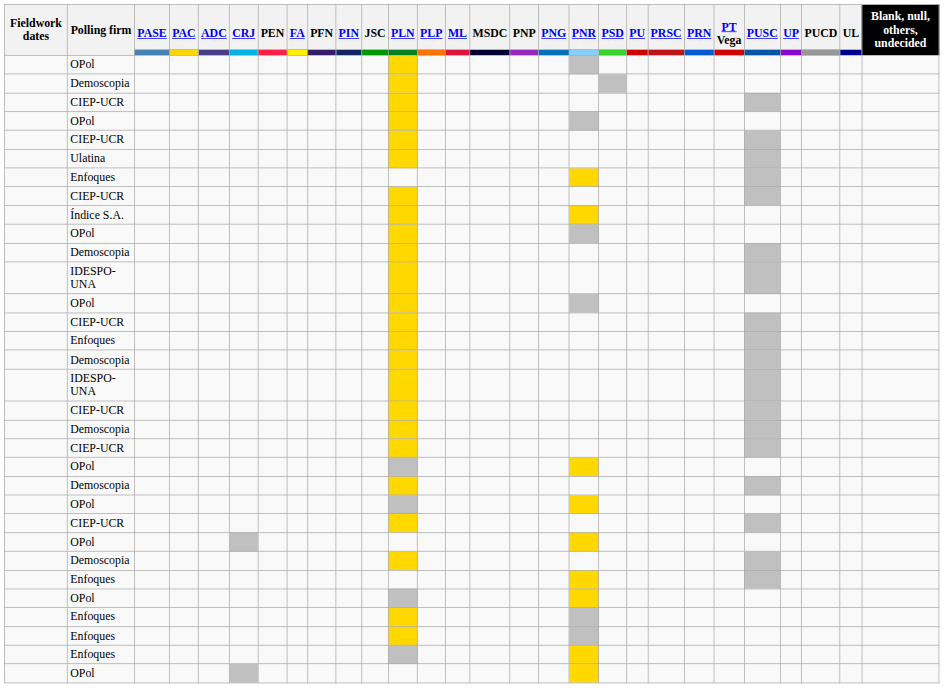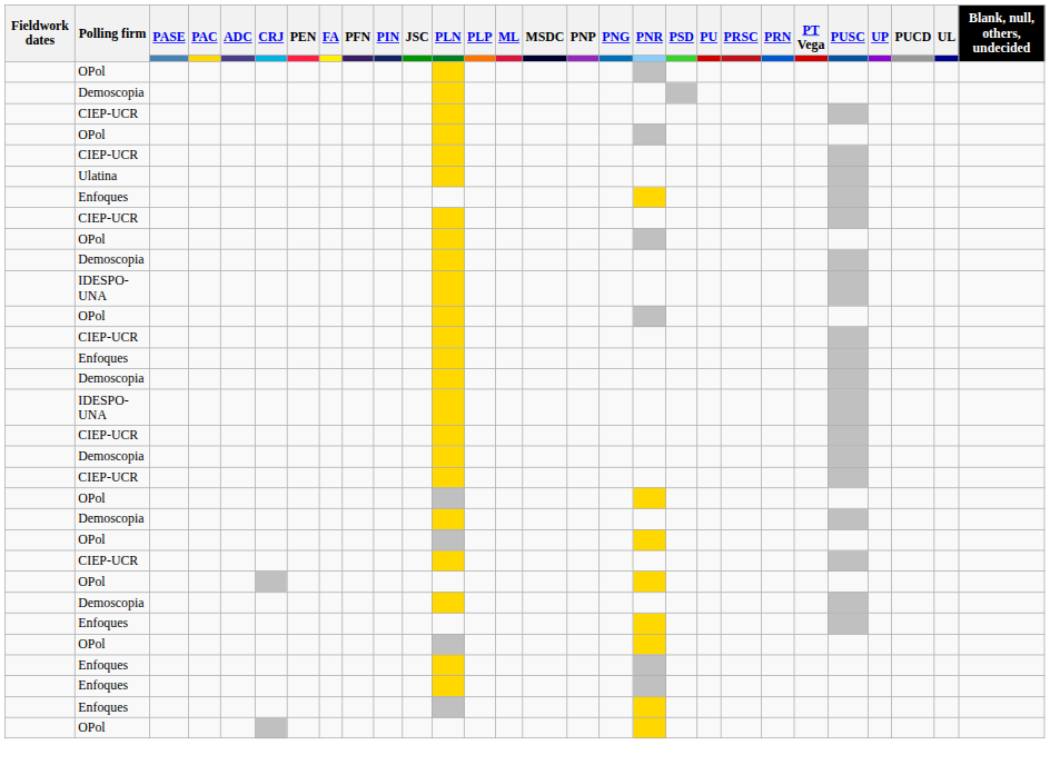 <table class="wikitable" style="width:100%">
 <tr>
 <th rowspan=2>Fieldwork dates</th>
 <th rowspan=2>Polling firm</th>
 <th><br><a href='#'>PASE</a><br></th>
 <th><br><a href='#'>PAC</a><br></th>
 <th><br><a href='#'>ADC</a><br></th>
 <th><br><a href='#'>CRJ</a><br></th>
 <th><br>PEN<br></th>
 <th><br><a href='#'>FA</a><br></th>
 <th><br>PFN<br></th>
 <th><br><a href='#'>PIN</a><br></th>
 <th><br>JSC<br></th>
 <th><br><a href='#'>PLN</a><br></th>
 <th><br><a href='#'>PLP</a><br></th>
 <th><br><a href='#'>ML</a><br></th>
 <th><br>MSDC<br></th>
 <th><br>PNP<br></th>
 <th><br><a href='#'>PNG</a><br></th>
 <th><br><a href='#'>PNR</a><br></th>
 <th><br><a href='#'>PSD</a><br></th>
 <th><br><a href='#'>PU</a><br></th>
 <th><br><a href='#'>PRSC</a><br></th>
 <th><br><a href='#'>PRN</a><br></th>
 <th><br><a href='#'>PT</a><br><span>Vega</span></th>
 <th><br><a href='#'>PUSC</a><br></th>
 <th><br><a href='#'>UP</a><br></th>
 <th><br>PUCD<br></th>
 <th><br>UL<br></th>
 <th rowspan=2 style="background-color:#000000;color:#ffffff">Blank, null, others, undecided</th>
 </tr>
 <tr>
 <th style="background-color:#4682B4"></th>
 <th style="background-color:#FFD700"></th>
 <th style="background-color:#483D8B"></th>
 <th style="background-color:#02b2e3"></th>
 <th style="background-color:#ff1e44"></th>
 <th style="background-color:#FFEF00"></th>
 <th style="background-color:#361f67"></th>
 <th style="background-color:#122562"></th>
 <th style="background-color:#009600"></th>
 <th style="background-color:#008024"></th>
 <th style="background-color:#FF7300"></th>
 <th style="background-color:#DC143C"></th>
 <th style="background-color:#000030"></th>
 <th style="background-color:#9428bc"></th>
 <th style="background-color:#0070B8"></th>
 <th style="background-color:#87CEFA"></th>
 <th style="background-color:#36d42c"></th>
 <th style="background-color:#ce0000"></th>
 <th style="background-color:#BC141A"></th>
 <th style="background-color:#0059CF"></th>
 <th style="background-color:#ce0000"></th>
 <th style="background-color:#0454A3"></th>
 <th style="background-color:#8806CE"></th>
 <th style="background-color:#97989a"></th>
 <th style="background-color:#00008B"></th>
 </tr>
 <tr>
 <td></td>
 <td>OPol</td>
 <td style="text-align:right"></td>
 <td style="text-align:right"></td>
 <td style="text-align:right"></td>
 <td style="text-align:right"></td>
 <td style="text-align:right"></td>
 <td style="text-align:right"></td>
 <td style="text-align:right"></td>
 <td style="text-align:right"></td>
 <td style="text-align:right"></td>
 <td style="background-color:#ffd800;text-align:right"><strong></strong></td>
 <td style="text-align:right"></td>
 <td style="text-align:right"></td>
 <td style="text-align:right"></td>
 <td style="text-align:right"></td>
 <td style="text-align:right"></td>
 <td style="background-color:#c0c0c0;text-align:right"></td>
 <td style="text-align:right"></td>
 <td style="text-align:right"></td>
 <td style="text-align:right"></td>
 <td style="text-align:right"></td>
 <td style="text-align:right"></td>
 <td style="text-align:right"></td>
 <td style="text-align:right"></td>
 <td style="text-align:right"></td>
 <td style="text-align:right"></td>
 <td style="text-align:right"></td>
 </tr>
 <tr>
 <td></td>
 <td>Demoscopia</td>
 <td></td>
 <td style="text-align:right"></td>
 <td></td>
 <td style="text-align:right"></td>
 <td></td>
 <td style="text-align:right"></td>
 <td></td>
 <td></td>
 <td></td>
 <td style="background-color:#ffd800;text-align:right"><strong></strong></td>
 <td style="text-align:right"></td>
 <td></td>
 <td></td>
 <td></td>
 <td></td>
 <td style="text-align:right"></td>
 <td style="background-color:#c0c0c0;text-align:right"></td>
 <td></td>
 <td></td>
 <td></td>
 <td></td>
 <td style="text-align:right"></td>
 <td></td>
 <td></td>
 <td></td>
 <td style="text-align:right"></td>
 </tr>
 <tr>
 <td></td>
 <td>CIEP-UCR</td>
 <td style="text-align:right"></td>
 <td style="text-align:right"></td>
 <td style="text-align:right"></td>
 <td style="text-align:right"></td>
 <td style="text-align:right"></td>
 <td style="text-align:right"></td>
 <td style="text-align:right"></td>
 <td></td>
 <td style="text-align:right"></td>
 <td style="background-color:#ffd800;text-align:right"><strong></strong></td>
 <td style="text-align:right"></td>
 <td style="text-align:right"></td>
 <td></td>
 <td style="text-align:right"></td>
 <td style="text-align:right"></td>
 <td style="text-align:right"></td>
 <td style="text-align:right"></td>
 <td></td>
 <td style="text-align:right"></td>
 <td style="text-align:right"></td>
 <td style="text-align:right"></td>
 <td style="background-color:#c0c0c0;text-align:right"></td>
 <td style="text-align:right"></td>
 <td style="text-align:right"></td>
 <td style="text-align:right"></td>
 <td style="text-align:right"></td>
 </tr>
 <tr>
 <td></td>
 <td>OPol</td>
 <td style="text-align:right"></td>
 <td style="text-align:right"></td>
 <td style="text-align:right"></td>
 <td style="text-align:right"></td>
 <td style="text-align:right"></td>
 <td style="text-align:right"></td>
 <td style="text-align:right"></td>
 <td style="text-align:right"></td>
 <td style="text-align:right"></td>
 <td style="background-color:#ffd800;text-align:right"><strong></strong></td>
 <td style="text-align:right"></td>
 <td style="text-align:right"></td>
 <td style="text-align:right"></td>
 <td style="text-align:right"></td>
 <td style="text-align:right"></td>
 <td style="background-color:#c0c0c0;text-align:right"></td>
 <td style="text-align:right"></td>
 <td style="text-align:right"></td>
 <td style="text-align:right"></td>
 <td style="text-align:right"></td>
 <td style="text-align:right"></td>
 <td style="text-align:right"></td>
 <td style="text-align:right"></td>
 <td style="text-align:right"></td>
 <td style="text-align:right"></td>
 <td style="text-align:right"></td>
 </tr>
 <tr>
 <td></td>
 <td>CIEP-UCR</td>
 <td style="text-align:right"></td>
 <td style="text-align:right"></td>
 <td style="text-align:right"></td>
 <td style="text-align:right"></td>
 <td style="text-align:right"></td>
 <td style="text-align:right"></td>
 <td style="text-align:right"></td>
 <td></td>
 <td style="text-align:right"></td>
 <td style="background-color:#ffd800;text-align:right"><strong></strong></td>
 <td style="text-align:right"></td>
 <td style="text-align:right"></td>
 <td></td>
 <td style="text-align:right"></td>
 <td style="text-align:right"></td>
 <td style="text-align:right"></td>
 <td style="text-align:right"></td>
 <td></td>
 <td style="text-align:right"></td>
 <td style="text-align:right"></td>
 <td style="text-align:right"></td>
 <td style="background-color:#c0c0c0;text-align:right"></td>
 <td style="text-align:right"></td>
 <td style="text-align:right"></td>
 <td style="text-align:right"></td>
 <td style="text-align:right"></td>
 </tr>
 <tr>
 <td></td>
 <td>Ulatina</td>
 <td></td>
 <td></td>
 <td></td>
 <td></td>
 <td></td>
 <td style="text-align:right"></td>
 <td></td>
 <td></td>
 <td></td>
 <td style="background-color:#ffd800;text-align:right"><strong></strong></td>
 <td style="text-align:right"></td>
 <td></td>
 <td></td>
 <td></td>
 <td></td>
 <td style="text-align:right"></td>
 <td style="text-align:right"></td>
 <td></td>
 <td></td>
 <td></td>
 <td></td>
 <td style="background-color:#c0c0c0;text-align:right"></td>
 <td></td>
 <td></td>
 <td></td>
 <td></td>
 </tr>
 <tr>
 <td></td>
 <td>Enfoques</td>
 <td></td>
 <td style="text-align:right"></td>
 <td></td>
 <td style="text-align:right"></td>
 <td></td>
 <td style="text-align:right"></td>
 <td style="text-align:right"></td>
 <td></td>
 <td></td>
 <td style="text-align:right"></td>
 <td style="text-align:right"></td>
 <td></td>
 <td></td>
 <td style="text-align:right"></td>
 <td></td>
 <td style="background-color:#ffd800;text-align:right"><strong></strong></td>
 <td style="text-align:right"></td>
 <td></td>
 <td style="text-align:right"></td>
 <td style="text-align:right"></td>
 <td></td>
 <td style="background-color:#c0c0c0;text-align:right"></td>
 <td style="text-align:right"></td>
 <td></td>
 <td></td>
 <td style="text-align:right"></td>
 </tr>
 <tr>
 <td></td>
 <td>CIEP-UCR</td>
 <td style="text-align:right"></td>
 <td style="text-align:right"></td>
 <td style="text-align:right"></td>
 <td style="text-align:right"></td>
 <td style="text-align:right"></td>
 <td style="text-align:right"></td>
 <td style="text-align:right"></td>
 <td></td>
 <td style="text-align:right"></td>
 <td style="background-color:#ffd800;text-align:right"><strong></strong></td>
 <td style="text-align:right"></td>
 <td style="text-align:right"></td>
 <td></td>
 <td style="text-align:right"></td>
 <td style="text-align:right"></td>
 <td style="text-align:right"></td>
 <td style="text-align:right"></td>
 <td></td>
 <td style="text-align:right"></td>
 <td style="text-align:right"></td>
 <td></td>
 <td style="background-color:#c0c0c0;text-align:right"></td>
 <td style="text-align:right"></td>
 <td style="text-align:right"></td>
 <td style="text-align:right"></td>
-<td style="text-align:right"></td>
-</tr>
-<tr>
-<td></td>
-<td>Índice S.A.</td>
-<td></td>
-<td></td>
-<td></td>
-<td style="text-align:right"></td>
-<td></td>
-<td style="text-align:right"></td>
-<td></td>
-<td></td>
-<td></td>
-<td style="background-color:#ffd800;text-align:right"><strong></strong></td>
-<td></td>
-<td></td>
-<td></td>
-<td></td>
-<td></td>
-<td style="background-color:#ffd800;text-align:right"><strong></strong></td>
-<td style="text-align:right"></td>
-<td></td>
-<td></td>
-<td></td>
-<td></td>
-<td style="text-align:right"></td>
-<td></td>
-<td></td>
-<td></td>
 <td style="text-align:right"></td>
 </tr>
 <tr>
 <td></td>
 <td>OPol</td>
 <td style="text-align:right"></td>
 <td style="text-align:right"></td>
 <td style="text-align:right"></td>
 <td style="text-align:right"></td>
 <td style="text-align:right"></td>
 <td style="text-align:right"></td>
 <td style="text-align:right"></td>
 <td style="text-align:right"></td>
 <td style="text-align:right"></td>
 <td style="background-color:#ffd800;text-align:right"><strong></strong></td>
 <td style="text-align:right"></td>
 <td style="text-align:right"></td>
 <td style="text-align:right"></td>
 <td style="text-align:right"></td>
 <td style="text-align:right"></td>
 <td style="background-color:#c0c0c0;text-align:right"></td>
 <td style="text-align:right"></td>
 <td style="text-align:right"></td>
 <td style="text-align:right"></td>
 <td style="text-align:right"></td>
 <td style="text-align:right"></td>
 <td style="text-align:right"></td>
 <td style="text-align:right"></td>
 <td style="text-align:right"></td>
 <td style="text-align:right"></td>
 <td style="text-align:right"></td>
 </tr>
 <tr>
 <td></td>
 <td>Demoscopia</td>
 <td></td>
 <td style="text-align:right"></td>
 <td></td>
 <td style="text-align:right"></td>
 <td></td>
 <td style="text-align:right"></td>
 <td style="text-align:right"></td>
 <td></td>
 <td></td>
 <td style="background-color:#ffd800;text-align:right"><strong></strong></td>
 <td style="text-align:right"></td>
 <td></td>
 <td></td>
 <td></td>
 <td></td>
 <td style="text-align:right"></td>
 <td style="text-align:right"></td>
 <td></td>
 <td></td>
 <td></td>
 <td></td>
 <td style="background-color:#c0c0c0;text-align:right"></td>
 <td></td>
 <td></td>
 <td></td>
 <td style="text-align:right"></td>
 </tr>
 <tr>
 <td></td>
 <td>IDESPO-UNA</td>
 <td></td>
 <td style="text-align:right"></td>
 <td style="text-align:right"></td>
 <td style="text-align:right"></td>
 <td></td>
 <td style="text-align:right"></td>
 <td style="text-align:right"></td>
 <td></td>
 <td style="text-align:right"></td>
 <td style="background-color:#ffd800;text-align:right"><strong></strong></td>
 <td style="text-align:right"></td>
 <td></td>
 <td></td>
 <td style="text-align:right"></td>
 <td style="text-align:right"></td>
 <td style="text-align:right"></td>
 <td style="text-align:right"></td>
 <td style="text-align:right"></td>
 <td style="text-align:right"></td>
 <td style="text-align:right"></td>
 <td></td>
 <td style="background-color:#c0c0c0;text-align:right"></td>
 <td></td>
 <td></td>
 <td style="text-align:right"></td>
 <td style="text-align:right"></td>
 </tr>
 <tr>
 <td></td>
 <td>OPol</td>
 <td style="text-align:right"></td>
 <td style="text-align:right"></td>
 <td style="text-align:right"></td>
 <td style="text-align:right"></td>
 <td style="text-align:right"></td>
 <td style="text-align:right"></td>
 <td style="text-align:right"></td>
 <td style="text-align:right"></td>
 <td style="text-align:right"></td>
 <td style="background-color:#ffd800;text-align:right"><strong></strong></td>
 <td style="text-align:right"></td>
 <td style="text-align:right"></td>
 <td style="text-align:right"></td>
 <td style="text-align:right"></td>
 <td style="text-align:right"></td>
 <td style="background-color:#c0c0c0;text-align:right"></td>
 <td style="text-align:right"></td>
 <td style="text-align:right"></td>
 <td style="text-align:right"></td>
 <td style="text-align:right"></td>
 <td style="text-align:right"></td>
 <td style="text-align:right"></td>
 <td style="text-align:right"></td>
 <td style="text-align:right"></td>
 <td style="text-align:right"></td>
 <td style="text-align:right"></td>
 </tr>
 <tr>
 <td></td>
 <td>CIEP-UCR</td>
 <td style="text-align:right"></td>
 <td style="text-align:right"></td>
 <td></td>
 <td style="text-align:right"></td>
 <td style="text-align:right"></td>
 <td style="text-align:right"></td>
 <td style="text-align:right"></td>
 <td></td>
 <td></td>
 <td style="background-color:#ffd800;text-align:right"><strong></strong></td>
 <td style="text-align:right"></td>
 <td style="text-align:right"></td>
 <td></td>
 <td style="text-align:right"></td>
 <td style="text-align:right"></td>
 <td style="text-align:right"></td>
 <td style="text-align:right"></td>
 <td></td>
 <td style="text-align:right"></td>
 <td style="text-align:right"></td>
 <td></td>
 <td style="background-color:#c0c0c0;text-align:right"></td>
 <td style="text-align:right"></td>
 <td></td>
 <td style="text-align:right"></td>
 <td style="text-align:right"></td>
 </tr>
 <tr>
 <td></td>
 <td>Enfoques</td>
 <td></td>
 <td style="text-align:right"></td>
 <td></td>
 <td style="text-align:right"></td>
 <td></td>
 <td style="text-align:right"></td>
 <td style="text-align:right"></td>
 <td></td>
 <td></td>
 <td style="background-color:#ffd800;text-align:right"><strong></strong></td>
 <td style="text-align:right"></td>
 <td></td>
 <td></td>
 <td></td>
 <td></td>
 <td style="text-align:right"></td>
 <td style="text-align:right"></td>
 <td></td>
 <td></td>
 <td></td>
 <td></td>
 <td style="background-color:#c0c0c0;text-align:right"></td>
 <td></td>
 <td></td>
 <td></td>
 <td style="text-align:right"></td>
 </tr>
 <tr>
 <td></td>
 <td>Demoscopia</td>
 <td></td>
 <td></td>
 <td></td>
 <td></td>
 <td></td>
 <td style="text-align:right"></td>
 <td></td>
 <td></td>
 <td></td>
 <td style="background-color:#ffd800;text-align:right"><strong></strong></td>
 <td></td>
 <td></td>
 <td></td>
 <td></td>
 <td></td>
 <td style="text-align:right"></td>
 <td style="text-align:right"></td>
 <td></td>
 <td></td>
 <td></td>
 <td></td>
 <td style="background-color:#c0c0c0;text-align:right"></td>
 <td></td>
 <td></td>
 <td></td>
 <td style="text-align:right"></td>
 </tr>
 <tr>
 <td></td>
 <td>IDESPO-UNA</td>
 <td style="text-align:right"></td>
 <td style="text-align:right"></td>
 <td style="text-align:right"></td>
 <td style="text-align:right"></td>
 <td></td>
 <td style="text-align:right"></td>
 <td style="text-align:right"></td>
 <td style="text-align:right"></td>
 <td style="text-align:right"></td>
 <td style="background-color:#ffd800;text-align:right"><strong></strong></td>
 <td style="text-align:right"></td>
 <td style="text-align:right"></td>
 <td></td>
 <td style="text-align:right"></td>
 <td style="text-align:right"></td>
 <td style="text-align:right"></td>
 <td style="text-align:right"></td>
 <td style="text-align:right"></td>
 <td></td>
 <td style="text-align:right"></td>
 <td></td>
 <td style="background-color:#c0c0c0;text-align:right"></td>
 <td style="text-align:right"></td>
 <td style="text-align:right"></td>
 <td></td>
 <td style="text-align:right"></td>
 </tr>
 <tr>
 <td></td>
 <td>CIEP-UCR</td>
 <td></td>
 <td style="text-align:right"></td>
 <td></td>
 <td style="text-align:right"></td>
 <td></td>
 <td style="text-align:right"></td>
 <td style="text-align:right"></td>
 <td></td>
 <td style="text-align:right"></td>
 <td style="background-color:#ffd800;text-align:right"><strong></strong></td>
 <td style="text-align:right"></td>
 <td></td>
 <td></td>
 <td style="text-align:right"></td>
 <td></td>
 <td style="text-align:right"></td>
 <td style="text-align:right"></td>
 <td></td>
 <td style="text-align:right"></td>
 <td style="text-align:right"></td>
 <td></td>
 <td style="background-color:#c0c0c0;text-align:right"></td>
 <td style="text-align:right"></td>
 <td style="text-align:right"></td>
 <td style="text-align:right"></td>
 <td style="text-align:right"></td>
 </tr>
 <tr>
 <td></td>
 <td>Demoscopia</td>
 <td></td>
 <td style="text-align:right"></td>
 <td></td>
 <td style="text-align:right"></td>
 <td></td>
 <td style="text-align:right"></td>
 <td></td>
 <td></td>
 <td></td>
 <td style="background-color:#ffd800;text-align:right"><strong></strong></td>
 <td style="text-align:right"></td>
 <td></td>
 <td></td>
 <td></td>
 <td></td>
 <td style="text-align:right"></td>
 <td style="text-align:right"></td>
 <td></td>
 <td></td>
 <td></td>
 <td></td>
 <td style="background-color:#c0c0c0;text-align:right"></td>
 <td></td>
 <td></td>
 <td></td>
 <td style="text-align:right"></td>
 </tr>
 <tr>
 <td></td>
 <td>CIEP-UCR</td>
 <td></td>
 <td style="text-align:right"></td>
 <td style="text-align:right"></td>
 <td style="text-align:right"></td>
 <td></td>
 <td style="text-align:right"></td>
 <td style="text-align:right"></td>
 <td></td>
 <td></td>
 <td style="background-color:#ffd800;text-align:right"><strong></strong></td>
 <td style="text-align:right"></td>
 <td style="text-align:right"></td>
 <td></td>
 <td style="text-align:right"></td>
 <td style="text-align:right"></td>
 <td style="text-align:right"></td>
 <td style="text-align:right"></td>
 <td></td>
 <td style="text-align:right"></td>
 <td style="text-align:right"></td>
 <td></td>
 <td style="background-color:#c0c0c0;text-align:right"></td>
 <td style="text-align:right"></td>
 <td></td>
 <td style="text-align:right"></td>
 <td style="text-align:right"></td>
 </tr>
 <tr>
 <td></td>
 <td>OPol</td>
 <td></td>
 <td style="text-align:right"></td>
 <td></td>
 <td style="text-align:right"></td>
 <td></td>
 <td style="text-align:right"></td>
 <td style="text-align:right"></td>
 <td></td>
 <td></td>
 <td style="background-color:#c0c0c0;text-align:right"></td>
 <td style="text-align:right"></td>
 <td></td>
 <td></td>
 <td style="text-align:right"></td>
 <td></td>
 <td style="background-color:#ffd800;text-align:right"><strong></strong></td>
 <td style="text-align:right"></td>
 <td></td>
 <td style="text-align:right"></td>
 <td></td>
 <td></td>
 <td style="text-align:right"></td>
 <td style="text-align:right"></td>
 <td></td>
 <td></td>
 <td style="text-align:right"></td>
 </tr>
 <tr>
 <td></td>
 <td>Demoscopia</td>
 <td></td>
 <td style="text-align:right"></td>
 <td></td>
 <td style="text-align:right"></td>
 <td></td>
 <td style="text-align:right"></td>
 <td></td>
 <td></td>
 <td></td>
 <td style="background-color:#ffd800;text-align:right"><strong></strong></td>
 <td style="text-align:right"></td>
 <td></td>
 <td></td>
 <td></td>
 <td></td>
 <td style="text-align:right"></td>
 <td style="text-align:right"></td>
 <td></td>
 <td></td>
 <td></td>
 <td></td>
 <td style="background-color:#c0c0c0;text-align:right"></td>
 <td></td>
 <td></td>
 <td></td>
 <td style="text-align:right"></td>
 </tr>
 <tr>
 <td></td>
 <td>OPol</td>
 <td></td>
 <td style="text-align:right"></td>
 <td></td>
 <td style="text-align:right"></td>
 <td></td>
 <td style="text-align:right"></td>
 <td></td>
 <td></td>
 <td></td>
 <td style="background-color:#c0c0c0;text-align:right"></td>
 <td style="text-align:right"></td>
 <td></td>
 <td></td>
 <td style="text-align:right"></td>
 <td style="text-align:right"></td>
 <td style="background-color:#ffd800;text-align:right"><strong></strong></td>
 <td style="text-align:right"></td>
 <td></td>
 <td style="text-align:right"></td>
 <td style="text-align:right"></td>
 <td></td>
 <td style="text-align:right"></td>
 <td style="text-align:right"></td>
 <td></td>
 <td style="text-align:right"></td>
 <td style="text-align:right"></td>
 </tr>
 <tr>
 <td></td>
 <td>CIEP-UCR</td>
 <td></td>
 <td style="text-align:right"></td>
 <td></td>
 <td style="text-align:right"></td>
 <td></td>
 <td style="text-align:right"></td>
 <td style="text-align:right"></td>
 <td></td>
 <td></td>
 <td style="background-color:#ffd800;text-align:right"><strong></strong></td>
 <td style="text-align:right"></td>
 <td style="text-align:right"></td>
 <td></td>
 <td style="text-align:right"></td>
 <td style="text-align:right"></td>
 <td style="text-align:right"></td>
 <td style="text-align:right"></td>
 <td></td>
 <td style="text-align:right"></td>
 <td style="text-align:right"></td>
 <td></td>
 <td style="background-color:#c0c0c0;text-align:right"></td>
 <td></td>
 <td></td>
 <td style="text-align:right"></td>
 <td style="text-align:right"></td>
 </tr>
 <tr>
 <td></td>
 <td>OPol</td>
 <td></td>
 <td style="text-align:right"></td>
 <td></td>
 <td style="background-color:#c0c0c0;text-align:right"></td>
 <td></td>
 <td style="text-align:right"></td>
 <td></td>
 <td></td>
 <td></td>
 <td style="text-align:right"></td>
 <td style="text-align:right"></td>
 <td></td>
 <td></td>
 <td style="text-align:right"></td>
 <td style="text-align:right"></td>
 <td style="background-color:#ffd800;text-align:right"><strong></strong></td>
 <td></td>
 <td></td>
 <td style="text-align:right"></td>
 <td style="text-align:right"></td>
 <td></td>
 <td style="text-align:right"></td>
 <td style="text-align:right"></td>
 <td></td>
 <td style="text-align:right"></td>
 <td></td>
 </tr>
 <tr>
 <td></td>
 <td>Demoscopia</td>
 <td></td>
 <td style="text-align:right"></td>
 <td></td>
 <td style="text-align:right"></td>
 <td></td>
 <td style="text-align:right"></td>
 <td></td>
 <td></td>
 <td></td>
 <td style="background-color:#ffd800;text-align:right"><strong></strong></td>
 <td></td>
 <td></td>
 <td></td>
 <td></td>
 <td></td>
 <td style="text-align:right"></td>
 <td></td>
 <td></td>
 <td></td>
 <td></td>
 <td></td>
 <td style="background-color:#c0c0c0;text-align:right"></td>
 <td></td>
 <td></td>
 <td></td>
 <td></td>
 </tr>
 <tr>
 <td></td>
 <td>Enfoques</td>
 <td></td>
 <td></td>
 <td></td>
 <td style="text-align:right"></td>
 <td></td>
 <td style="text-align:right"></td>
 <td></td>
 <td></td>
 <td></td>
 <td style="text-align:right"></td>
 <td style="text-align:right"></td>
 <td></td>
 <td></td>
 <td style="text-align:right"></td>
 <td></td>
 <td style="background-color:#ffd800;text-align:right"><strong></strong></td>
 <td style="text-align:right"></td>
 <td></td>
 <td></td>
 <td></td>
 <td></td>
 <td style="background-color:#c0c0c0;text-align:right"></td>
 <td></td>
 <td></td>
 <td></td>
 <td style="text-align:right"></td>
 </tr>
 <tr>
 <td></td>
 <td>OPol</td>
 <td></td>
 <td></td>
 <td></td>
 <td style="text-align:right"></td>
 <td></td>
 <td style="text-align:right"></td>
 <td></td>
 <td></td>
 <td></td>
 <td style="background-color:#c0c0c0;text-align:right"></td>
 <td></td>
 <td></td>
 <td></td>
 <td style="text-align:right"></td>
 <td style="text-align:right"></td>
 <td style="background-color:#ffd800;text-align:right"><strong></strong></td>
 <td style="text-align:right"></td>
 <td></td>
 <td></td>
 <td style="text-align:right"></td>
 <td></td>
 <td style="text-align:right"></td>
 <td></td>
 <td></td>
 <td></td>
 <td></td>
 </tr>
 <tr>
 <td></td>
 <td>Enfoques</td>
 <td></td>
 <td></td>
 <td></td>
 <td></td>
 <td></td>
 <td style="text-align:right"></td>
 <td></td>
 <td></td>
 <td></td>
 <td style="background-color:#ffd800;text-align:right"><strong></strong></td>
 <td style="text-align:right"></td>
 <td></td>
 <td></td>
 <td style="text-align:right"></td>
 <td></td>
 <td style="background-color:#c0c0c0;text-align:right"></td>
 <td style="text-align:right"></td>
 <td></td>
 <td></td>
 <td></td>
 <td></td>
 <td style="text-align:right"></td>
 <td></td>
 <td></td>
 <td style="text-align:right"></td>
 <td style="text-align:right"></td>
 </tr>
 <tr>
 <td></td>
 <td>Enfoques</td>
 <td></td>
 <td></td>
 <td></td>
 <td style="text-align:right"></td>
 <td></td>
 <td style="text-align:right"></td>
 <td></td>
 <td></td>
 <td></td>
 <td style="background-color:#ffd800;text-align:right"><strong></strong></td>
 <td style="text-align:right"></td>
 <td></td>
 <td></td>
 <td style="text-align:right"></td>
 <td></td>
 <td style="background-color:#c0c0c0;text-align:right"></td>
 <td style="text-align:right"></td>
 <td></td>
 <td></td>
 <td></td>
 <td></td>
 <td style="text-align:right"></td>
 <td></td>
 <td></td>
 <td></td>
 <td style="text-align:right"></td>
 </tr>
 <tr>
 <td></td>
 <td>Enfoques</td>
 <td></td>
 <td></td>
 <td></td>
 <td style="text-align:right"></td>
 <td></td>
 <td style="text-align:right"></td>
 <td></td>
 <td></td>
 <td></td>
 <td style="background-color:#c0c0c0;text-align:right"></td>
 <td style="text-align:right"></td>
 <td></td>
 <td></td>
 <td style="text-align:right"></td>
 <td></td>
 <td style="background-color:#ffd800;text-align:right"><strong></strong></td>
 <td style="text-align:right"></td>
 <td></td>
 <td></td>
 <td></td>
 <td></td>
 <td style="text-align:right"></td>
 <td></td>
 <td></td>
 <td></td>
 <td style="text-align:right"></td>
 </tr>
 <tr>
 <td></td>
 <td>OPol</td>
 <td></td>
 <td style="text-align:right"></td>
 <td></td>
 <td style="background-color:#c0c0c0;text-align:right"></td>
 <td></td>
 <td style="text-align:right"></td>
 <td></td>
 <td></td>
 <td></td>
 <td style="text-align:right"></td>
 <td style="text-align:right"></td>
 <td></td>
 <td></td>
 <td></td>
 <td style="text-align:right"></td>
 <td style="background-color:#ffd800;text-align:right"><strong></strong></td>
 <td></td>
 <td></td>
 <td></td>
 <td style="text-align:right"></td>
 <td></td>
 <td style="text-align:right"></td>
 <td style="text-align:right"></td>
 <td></td>
 <td></td>
 <td></td>
 </tr>
 </table>
